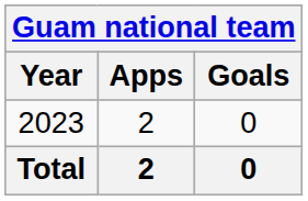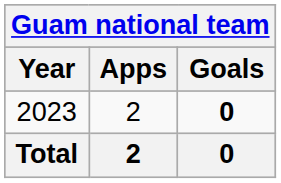 <table class="wikitable" style="text-align:center">
 <tr>
 <th colspan=3><a href='#'>Guam national team</a></th>
 </tr>
 <tr>
 <th>Year</th>
 <th>Apps</th>
 <th>Goals</th>
 </tr>
 <tr>
 <td>2023</td>
 <td>2</td>
-<td>0</td>
+<td><strong>0</strong></td>
 </tr>
 <tr>
 <th>Total</th>
 <th>2</th>
 <th>0</th>
 </tr>
 </table>
